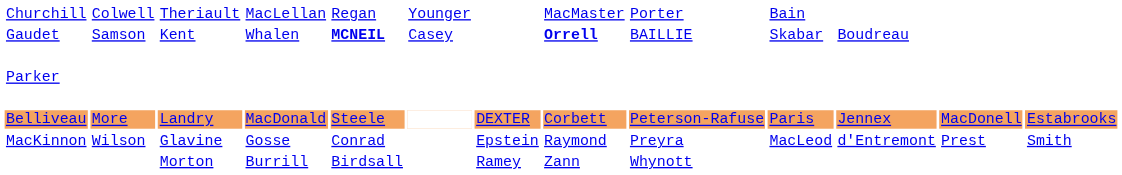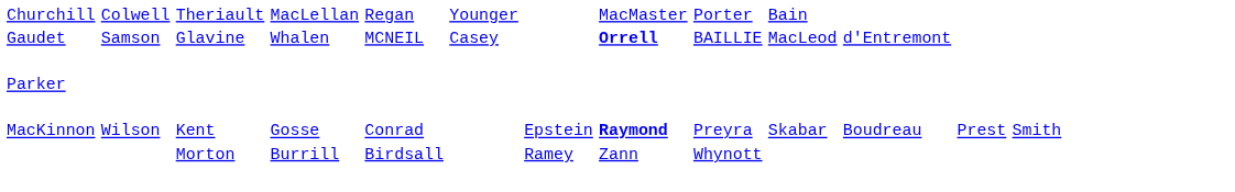 <table>
 <tr span style="color:white; font-size:87%; background:">
 <td><a href='#'>Churchill</a></td>
 <td><a href='#'>Colwell</a></td>
 <td><a href='#'>Theriault</a></td>
 <td><a href='#'>MacLellan</a></td>
 <td><a href='#'>Regan</a></td>
 <td><a href='#'>Younger</a></td>
 <td style="background:white">*</td>
 <td style="background:"><a href='#'>MacMaster</a></td>
 <td style="background:"><a href='#'>Porter</a></td>
 <td style="background:"><a href='#'>Bain</a></td>
 </tr>
 <tr span style="color:white; font-size:87%; background:">
 <td><a href='#'>Gaudet</a></td>
 <td><a href='#'>Samson</a></td>
-<td><a href='#'>Kent</a></td>
+<td><a href='#'>Glavine</a></td>
 <td><a href='#'>Whalen</a></td>
-<td><strong><a href='#'>MCNEIL</a></strong></td>
+<td><a href='#'>MCNEIL</a></td>
 <td><a href='#'>Casey</a></td>
 <td style="background:white">*</td>
 <td style="background:"><strong><a href='#'>Orrell</a></strong></td>
 <td style="background:"><a href='#'>BAILLIE</a></td>
-<td><a href='#'>Skabar</a></td>
-<td><a href='#'>Boudreau</a></td>
+<td style="background:"><a href='#'>MacLeod</a></td>
+<td style="background:"><a href='#'>d'Entremont</a></td>
 </tr>
 <tr span style="color:white; font-size:87%; background:white; border:1;">
 <td>****</td>
 </tr>
 <tr span style="color:white; font-size:87%; background:">
 <td><a href='#'>Parker</a></td>
 </tr>
 <tr span style="color:white; font-size:87%; background:white; border:1;">
 <td>****</td>
 </tr>
-<tr span style="color:white; font-size:87%; background:sandybrown; border:1;">
-<td><a href='#'>Belliveau</a></td>
-<td><a href='#'>More</a></td>
-<td><a href='#'>Landry</a></td>
-<td><a href='#'>MacDonald</a></td>
-<td><a href='#'>Steele</a></td>
-<td style="background:white">****</td>
-<td><a href='#'>DEXTER</a></td>
-<td><a href='#'>Corbett</a></td>
-<td><a href='#'>Peterson-Rafuse</a></td>
-<td><a href='#'>Paris</a></td>
-<td><a href='#'>Jennex</a></td>
-<td><a href='#'>MacDonell</a></td>
-<td><a href='#'>Estabrooks</a></td>
-</tr>
 <tr span style="color:white; font-size:87%; background:">
 <td><a href='#'>MacKinnon</a></td>
 <td><a href='#'>Wilson</a></td>
-<td><a href='#'>Glavine</a></td>
+<td><a href='#'>Kent</a></td>
 <td><a href='#'>Gosse</a></td>
 <td><a href='#'>Conrad</a></td>
 <td style="background:white">****</td>
 <td><a href='#'>Epstein</a></td>
-<td><a href='#'>Raymond</a></td>
+<td><strong><a href='#'>Raymond</a></strong></td>
 <td><a href='#'>Preyra</a></td>
-<td style="background:"><a href='#'>MacLeod</a></td>
-<td style="background:"><a href='#'>d'Entremont</a></td>
+<td><a href='#'>Skabar</a></td>
+<td><a href='#'>Boudreau</a></td>
 <td><a href='#'>Prest</a></td>
 <td><a href='#'>Smith</a></td>
 </tr>
 <tr span style="color:white; font-size:87%; background:">
 <td style="background:white">****</td>
 <td style="background:white">****</td>
 <td><a href='#'>Morton</a></td>
 <td><a href='#'>Burrill</a></td>
 <td><a href='#'>Birdsall</a></td>
 <td style="background:white">****</td>
 <td><a href='#'>Ramey</a></td>
 <td><a href='#'>Zann</a></td>
 <td><a href='#'>Whynott</a></td>
 </tr>
 </table>
